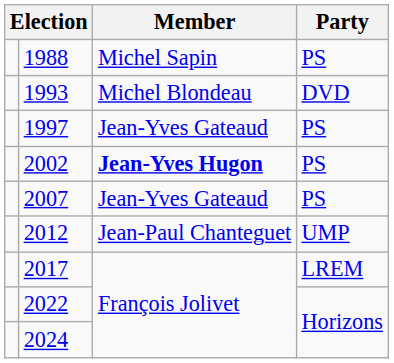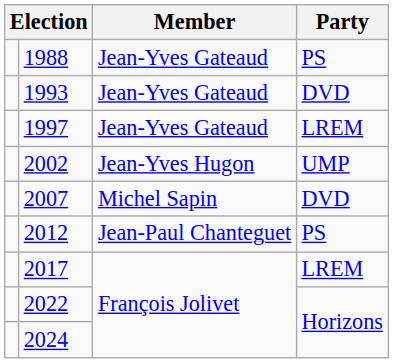 <table class="wikitable">
 <tr>
 <th colspan="2">Election</th>
 <th>Member</th>
 <th>Party</th>
 </tr>
 <tr>
 <td style="color:inherit;background-color:"></td>
 <td><a href='#'>1988</a></td>
-<td><a href='#'>Michel Sapin</a></td>
+<td><a href='#'>Jean-Yves Gateaud</a></td>
 <td><a href='#'>PS</a></td>
 </tr>
 <tr>
 <td style="color:inherit;background-color:"></td>
 <td><a href='#'>1993</a></td>
-<td><a href='#'>Michel Blondeau</a></td>
+<td><a href='#'>Jean-Yves Gateaud</a></td>
 <td><a href='#'>DVD</a></td>
 </tr>
 <tr>
 <td style="color:inherit;background-color:"></td>
 <td><a href='#'>1997</a></td>
 <td><a href='#'>Jean-Yves Gateaud</a></td>
-<td><a href='#'>PS</a></td>
+<td><a href='#'>LREM</a></td>
 </tr>
 <tr>
 <td style="color:inherit;background-color:"></td>
 <td><a href='#'>2002</a></td>
-<td><strong><a href='#'>Jean-Yves Hugon</a></strong></td>
-<td><a href='#'>PS</a></td>
+<td><a href='#'>Jean-Yves Hugon</a></td>
+<td><a href='#'>UMP</a></td>
 </tr>
 <tr>
 <td style="color:inherit;background-color:"></td>
 <td><a href='#'>2007</a></td>
-<td><a href='#'>Jean-Yves Gateaud</a></td>
-<td><a href='#'>PS</a></td>
+<td><a href='#'>Michel Sapin</a></td>
+<td><a href='#'>DVD</a></td>
 </tr>
 <tr>
 <td style="color:inherit;background-color:"></td>
 <td><a href='#'>2012</a></td>
 <td><a href='#'>Jean-Paul Chanteguet</a></td>
-<td><a href='#'>UMP</a></td>
+<td><a href='#'>PS</a></td>
 </tr>
 <tr>
 <td style="color:inherit;background-color: "></td>
 <td><a href='#'>2017</a></td>
 <td rowspan="3"><a href='#'>François Jolivet</a></td>
 <td><a href='#'>LREM</a></td>
 </tr>
 <tr>
 <td style="color:inherit;background-color: "></td>
 <td><a href='#'>2022</a></td>
 <td rowspan="2"><a href='#'>Horizons</a></td>
 </tr>
 <tr>
 <td style="color:inherit;background-color: "></td>
 <td><a href='#'>2024</a></td>
 </tr>
 </table>
